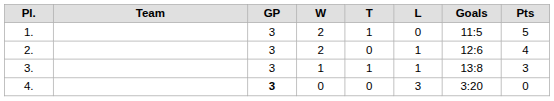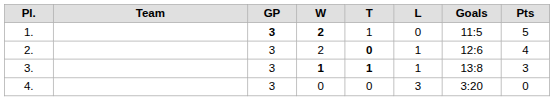 <table class="wikitable" width="60%">
 <tr style="font-weight:bold; background-color:#e0e0e0;" align="center" |>
 <td width="5%">Pl.</td>
 <td width="20%">Team</td>
 <td width="5%">GP</td>
 <td width="5%">W</td>
 <td width="5%">T</td>
 <td width="5%">L</td>
 <td width="5%">Goals</td>
 <td width="5%">Pts</td>
 </tr>
 <tr align="center" bgcolor="#FFFFFF">
 <td>1.</td>
 <td align="left"></td>
-<td>3</td>
-<td>2</td>
+<td><strong>3</strong></td>
+<td><strong>2</strong></td>
 <td>1</td>
 <td>0</td>
 <td>11:5</td>
 <td>5</td>
 </tr>
 <tr align="center" bgcolor="#FFFFFF">
 <td>2.</td>
 <td align="left"></td>
 <td>3</td>
 <td>2</td>
-<td>0</td>
+<td><strong>0</strong></td>
 <td>1</td>
 <td>12:6</td>
 <td>4</td>
 </tr>
 <tr align="center" bgcolor="#FFFFFF">
 <td>3.</td>
 <td align="left"></td>
 <td>3</td>
-<td>1</td>
-<td>1</td>
+<td><strong>1</strong></td>
+<td><strong>1</strong></td>
 <td>1</td>
 <td>13:8</td>
 <td>3</td>
 </tr>
 <tr align="center" bgcolor="#FFFFFF">
 <td>4.</td>
 <td align="left"></td>
-<td><strong>3</strong></td>
+<td>3</td>
 <td>0</td>
 <td>0</td>
 <td>3</td>
 <td>3:20</td>
 <td>0</td>
 </tr>
 </table>
